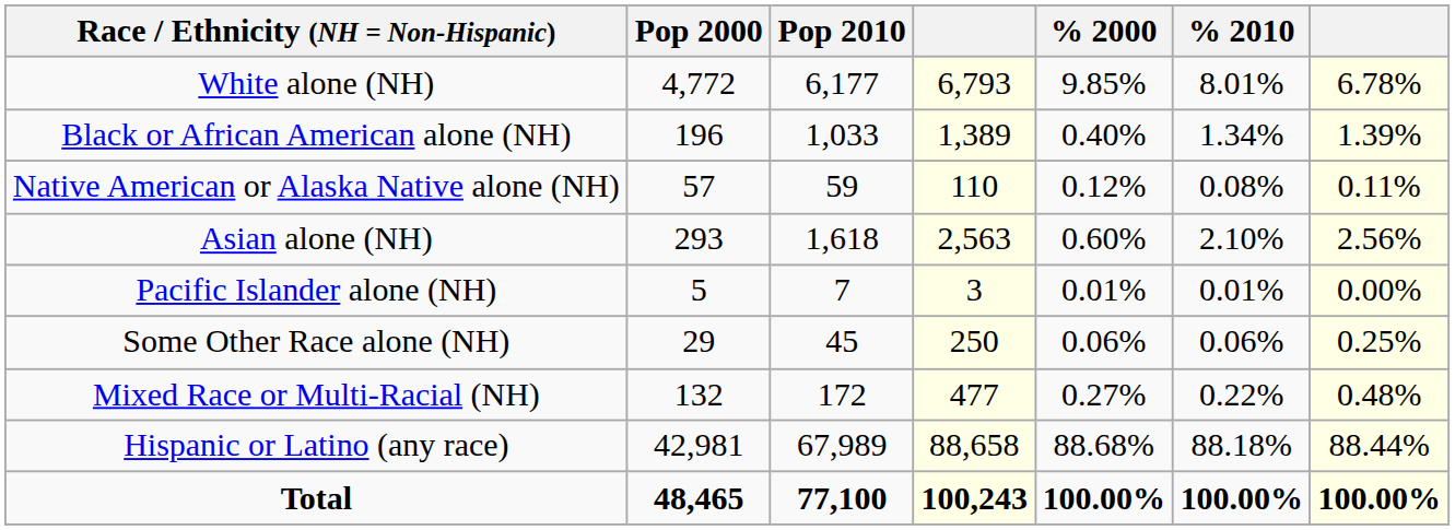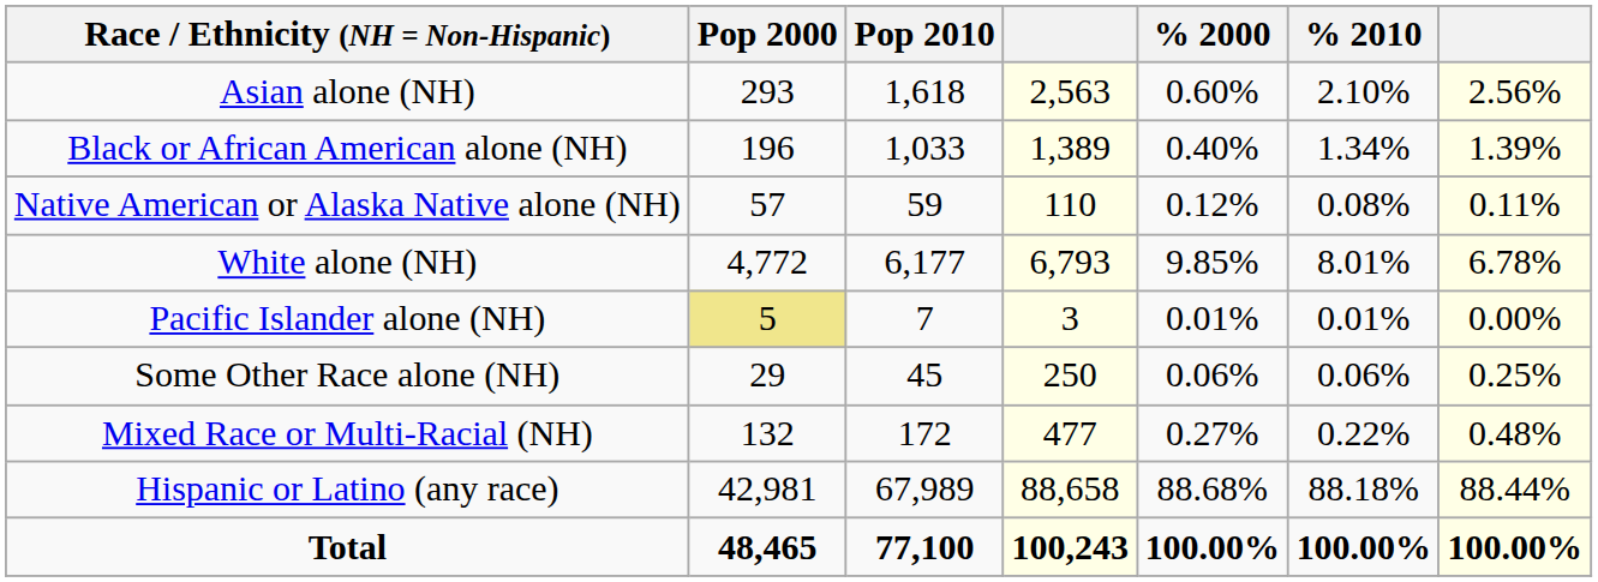 <table class="wikitable" style="text-align:center;">
 <tr>
 <th>Race / Ethnicity <small>(<em>NH = Non-Hispanic</em>)</small></th>
 <th>Pop 2000</th>
 <th>Pop 2010</th>
 <th></th>
 <th>% 2000</th>
 <th>% 2010</th>
 <th></th>
 </tr>
 <tr>
-<td><a href='#'>White</a> alone (NH)</td>
-<td>4,772</td>
-<td>6,177</td>
-<td style='background: #ffffe6;'>6,793</td>
-<td>9.85%</td>
-<td>8.01%</td>
-<td style='background: #ffffe6;'>6.78%</td>
+<td><a href='#'>Asian</a> alone (NH)</td>
+<td>293</td>
+<td>1,618</td>
+<td style='background: #ffffe6;'>2,563</td>
+<td>0.60%</td>
+<td>2.10%</td>
+<td style='background: #ffffe6;'>2.56%</td>
 </tr>
 <tr>
 <td><a href='#'>Black or African American</a> alone (NH)</td>
 <td>196</td>
 <td>1,033</td>
 <td style='background: #ffffe6;'>1,389</td>
 <td>0.40%</td>
 <td>1.34%</td>
 <td style='background: #ffffe6;'>1.39%</td>
 </tr>
 <tr>
 <td><a href='#'>Native American</a> or <a href='#'>Alaska Native</a> alone (NH)</td>
 <td>57</td>
 <td>59</td>
 <td style='background: #ffffe6;'>110</td>
 <td>0.12%</td>
 <td>0.08%</td>
 <td style='background: #ffffe6;'>0.11%</td>
 </tr>
 <tr>
-<td><a href='#'>Asian</a> alone (NH)</td>
-<td>293</td>
-<td>1,618</td>
-<td style='background: #ffffe6;'>2,563</td>
-<td>0.60%</td>
-<td>2.10%</td>
-<td style='background: #ffffe6;'>2.56%</td>
+<td><a href='#'>White</a> alone (NH)</td>
+<td>4,772</td>
+<td>6,177</td>
+<td style='background: #ffffe6;'>6,793</td>
+<td>9.85%</td>
+<td>8.01%</td>
+<td style='background: #ffffe6;'>6.78%</td>
 </tr>
 <tr>
 <td><a href='#'>Pacific Islander</a> alone (NH)</td>
-<td>5</td>
+<td style="background: khaki;">5</td>
 <td>7</td>
 <td style='background: #ffffe6;'>3</td>
 <td>0.01%</td>
 <td>0.01%</td>
 <td style='background: #ffffe6;'>0.00%</td>
 </tr>
 <tr>
 <td>Some Other Race alone (NH)</td>
 <td>29</td>
 <td>45</td>
 <td style='background: #ffffe6;'>250</td>
 <td>0.06%</td>
 <td>0.06%</td>
 <td style='background: #ffffe6;'>0.25%</td>
 </tr>
 <tr>
 <td><a href='#'>Mixed Race or Multi-Racial</a> (NH)</td>
 <td>132</td>
 <td>172</td>
 <td style='background: #ffffe6;'>477</td>
 <td>0.27%</td>
 <td>0.22%</td>
 <td style='background: #ffffe6;'>0.48%</td>
 </tr>
 <tr>
 <td><a href='#'>Hispanic or Latino</a> (any race)</td>
 <td>42,981</td>
 <td>67,989</td>
 <td style='background: #ffffe6;'>88,658</td>
 <td>88.68%</td>
 <td>88.18%</td>
 <td style='background: #ffffe6;'>88.44%</td>
 </tr>
 <tr>
 <td><strong>Total</strong></td>
 <td><strong>48,465</strong></td>
 <td><strong>77,100</strong></td>
 <td style='background: #ffffe6;'><strong>100,243</strong></td>
 <td><strong>100.00%</strong></td>
 <td><strong>100.00%</strong></td>
 <td style='background: #ffffe6;'><strong>100.00%</strong></td>
 </tr>
 </table>
